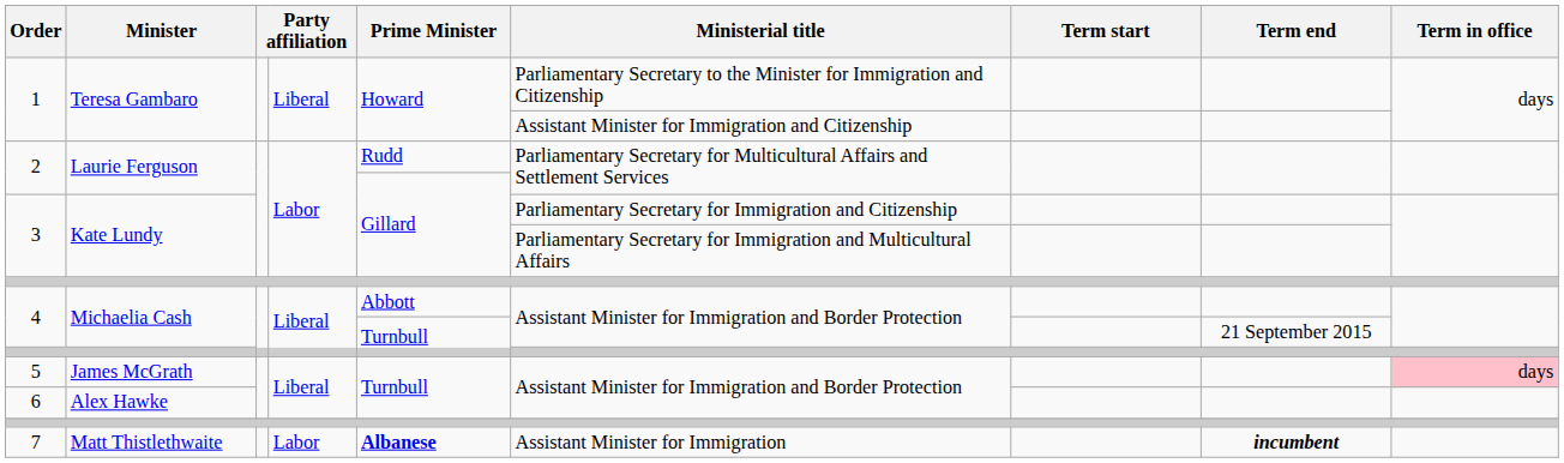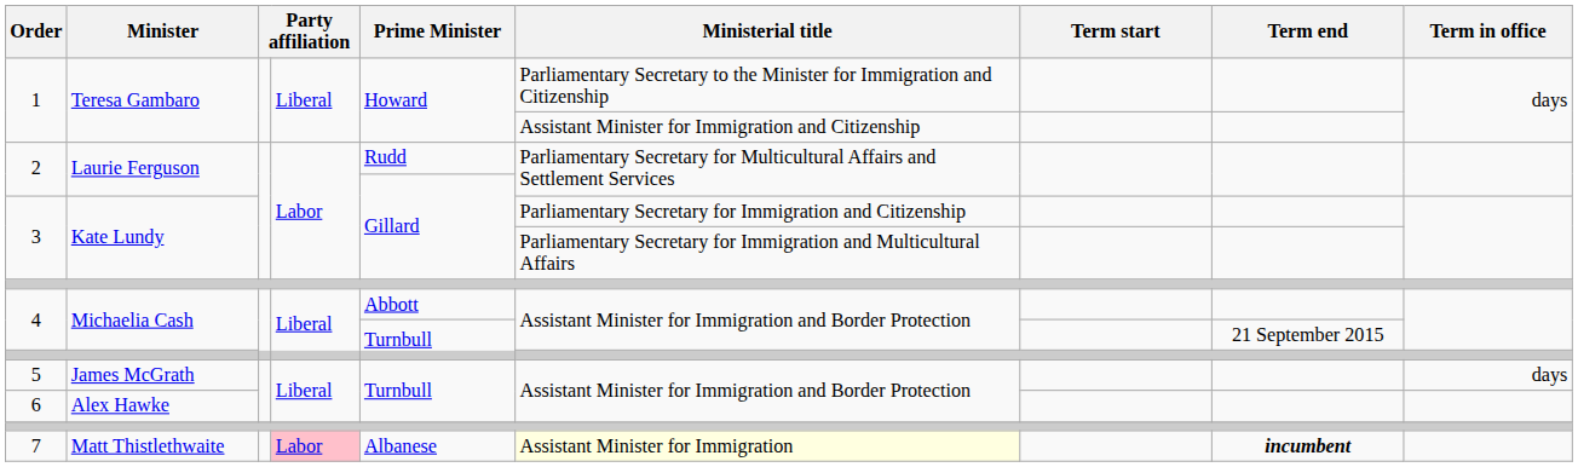 <table class="wikitable">
 <tr>
 <th width=5>Order</th>
 <th width=150>Minister</th>
 <th width=75 colspan="2">Party affiliation</th>
 <th width=120>Prime Minister</th>
 <th width=405>Ministerial title</th>
 <th width=150>Term start</th>
 <th width=150>Term end</th>
 <th width=130>Term in office</th>
 </tr>
 <tr>
 <td rowspan=2 align=center>1</td>
 <td rowspan=2><a href='#'>Teresa Gambaro</a></td>
 <td rowspan="2" ></td>
 <td rowspan=2><a href='#'>Liberal</a></td>
 <td rowspan=2><a href='#'>Howard</a></td>
 <td>Parliamentary Secretary to the Minister for Immigration and Citizenship</td>
 <td align=center></td>
 <td align=center></td>
 <td rowspan=2 align=right> days</td>
 </tr>
 <tr>
 <td>Assistant Minister for Immigration and Citizenship</td>
 <td align=center></td>
 <td align=center></td>
 </tr>
 <tr>
 <td rowspan=2 align=center>2</td>
 <td rowspan=2><a href='#'>Laurie Ferguson</a></td>
 <td rowspan=4 ></td>
 <td rowspan=4><a href='#'>Labor</a></td>
 <td><a href='#'>Rudd</a></td>
 <td rowspan=2>Parliamentary Secretary for Multicultural Affairs and Settlement Services</td>
 <td rowspan=2 align=center></td>
 <td rowspan=2 align=center></td>
 <td rowspan=2 align=right><strong></strong></td>
 </tr>
 <tr>
 <td rowspan=3><a href='#'>Gillard</a></td>
 </tr>
 <tr>
 <td rowspan=2 align=center>3</td>
 <td rowspan=2><a href='#'>Kate Lundy</a></td>
 <td>Parliamentary Secretary for Immigration and Citizenship</td>
 <td align=center></td>
 <td align=center></td>
 <td rowspan=2 align=right></td>
 </tr>
 <tr>
 <td>Parliamentary Secretary for Immigration and Multicultural Affairs</td>
 <td align=center></td>
 <td align=center></td>
 </tr>
 <tr>
 <th colspan=9 style="background: #cccccc;"></th>
 </tr>
 <tr>
 <td rowspan=2 align=center>4</td>
 <td rowspan=2><a href='#'>Michaelia Cash</a></td>
 <td rowspan="3" ></td>
 <td rowspan=3><a href='#'>Liberal</a></td>
 <td><a href='#'>Abbott</a></td>
 <td rowspan=2>Assistant Minister for Immigration and Border Protection</td>
 <td align=center></td>
 <td align=center></td>
 <td rowspan=2 align=right></td>
 </tr>
 <tr>
 <td rowspan=2><a href='#'>Turnbull</a></td>
 <td align=center></td>
 <td align=center>21 September 2015</td>
 </tr>
 <tr>
 <th colspan=9 style="background: #cccccc;"></th>
 </tr>
 <tr>
 <td align=center>5</td>
 <td><a href='#'>James McGrath</a></td>
 <td rowspan="2" ></td>
 <td rowspan=2><a href='#'>Liberal</a></td>
 <td rowspan=2><a href='#'>Turnbull</a></td>
 <td rowspan=2>Assistant Minister for Immigration and Border Protection</td>
 <td align=center></td>
 <td align=center></td>
-<td align=right style="background: pink;"> days</td>
+<td align=right> days</td>
 </tr>
 <tr>
 <td align=center>6</td>
 <td><a href='#'>Alex Hawke</a></td>
 <td align=center></td>
 <td align=center></td>
 <td align=right></td>
 </tr>
 <tr>
 <th colspan=9 style="background: #cccccc;"></th>
 </tr>
 <tr>
 <td align=center>7</td>
 <td><a href='#'>Matt Thistlethwaite</a></td>
 <td></td>
-<td><a href='#'>Labor</a></td>
-<td><strong><a href='#'>Albanese</a></strong></td>
-<td>Assistant Minister for Immigration</td>
+<td style="background: pink;"><a href='#'>Labor</a></td>
+<td><a href='#'>Albanese</a></td>
+<td style="background: lightyellow;">Assistant Minister for Immigration</td>
 <td align=center></td>
 <td align=center><strong><em>incumbent</em></strong></td>
 <td align=right></td>
 </tr>
 </table>
